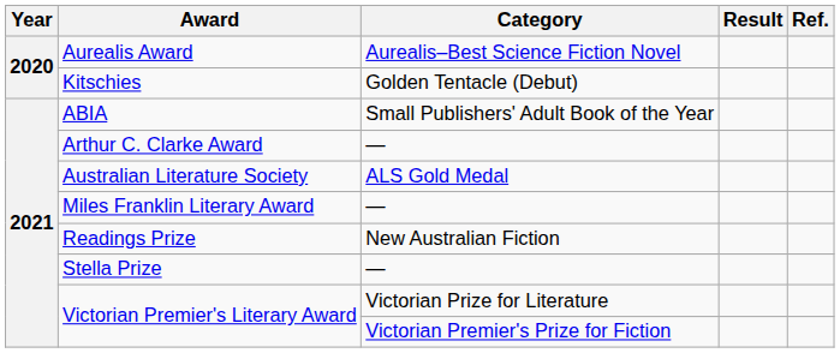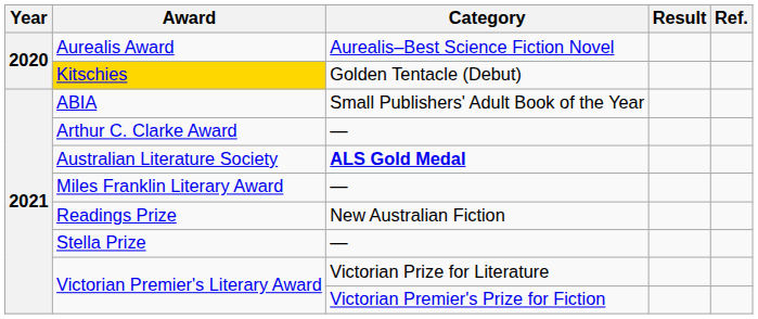 <table class="wikitable">
 <tr>
 <th>Year</th>
 <th>Award</th>
 <th>Category</th>
 <th>Result</th>
 <th>Ref.</th>
 </tr>
 <tr>
 <th rowspan="2">2020</th>
 <td><a href='#'>Aurealis Award</a></td>
 <td><a href='#'>Aurealis–Best Science Fiction Novel</a></td>
 <td></td>
 <td></td>
 </tr>
 <tr>
-<td><a href='#'>Kitschies</a></td>
+<td style="background: gold;"><a href='#'>Kitschies</a></td>
 <td>Golden Tentacle (Debut)</td>
 <td></td>
 <td></td>
 </tr>
 <tr>
 <th rowspan="8">2021</th>
 <td><a href='#'>ABIA</a></td>
 <td>Small Publishers' Adult Book of the Year</td>
 <td></td>
 <td></td>
 </tr>
 <tr>
 <td><a href='#'>Arthur C. Clarke Award</a></td>
 <td>—</td>
 <td></td>
 <td></td>
 </tr>
 <tr>
 <td><a href='#'>Australian Literature Society</a></td>
-<td><a href='#'>ALS Gold Medal</a></td>
+<td><strong><a href='#'>ALS Gold Medal</a></strong></td>
 <td></td>
 <td></td>
 </tr>
 <tr>
 <td><a href='#'>Miles Franklin Literary Award</a></td>
 <td>—</td>
 <td></td>
 <td></td>
 </tr>
 <tr>
 <td><a href='#'>Readings Prize</a></td>
 <td>New Australian Fiction</td>
 <td></td>
 <td></td>
 </tr>
 <tr>
 <td><a href='#'>Stella Prize</a></td>
 <td>—</td>
 <td></td>
 <td></td>
 </tr>
 <tr>
 <td rowspan="2"><a href='#'>Victorian Premier's Literary Award</a></td>
 <td>Victorian Prize for Literature</td>
 <td></td>
 <td></td>
 </tr>
 <tr>
 <td><a href='#'>Victorian Premier's Prize for Fiction</a></td>
 <td></td>
 <td></td>
 </tr>
 </table>
